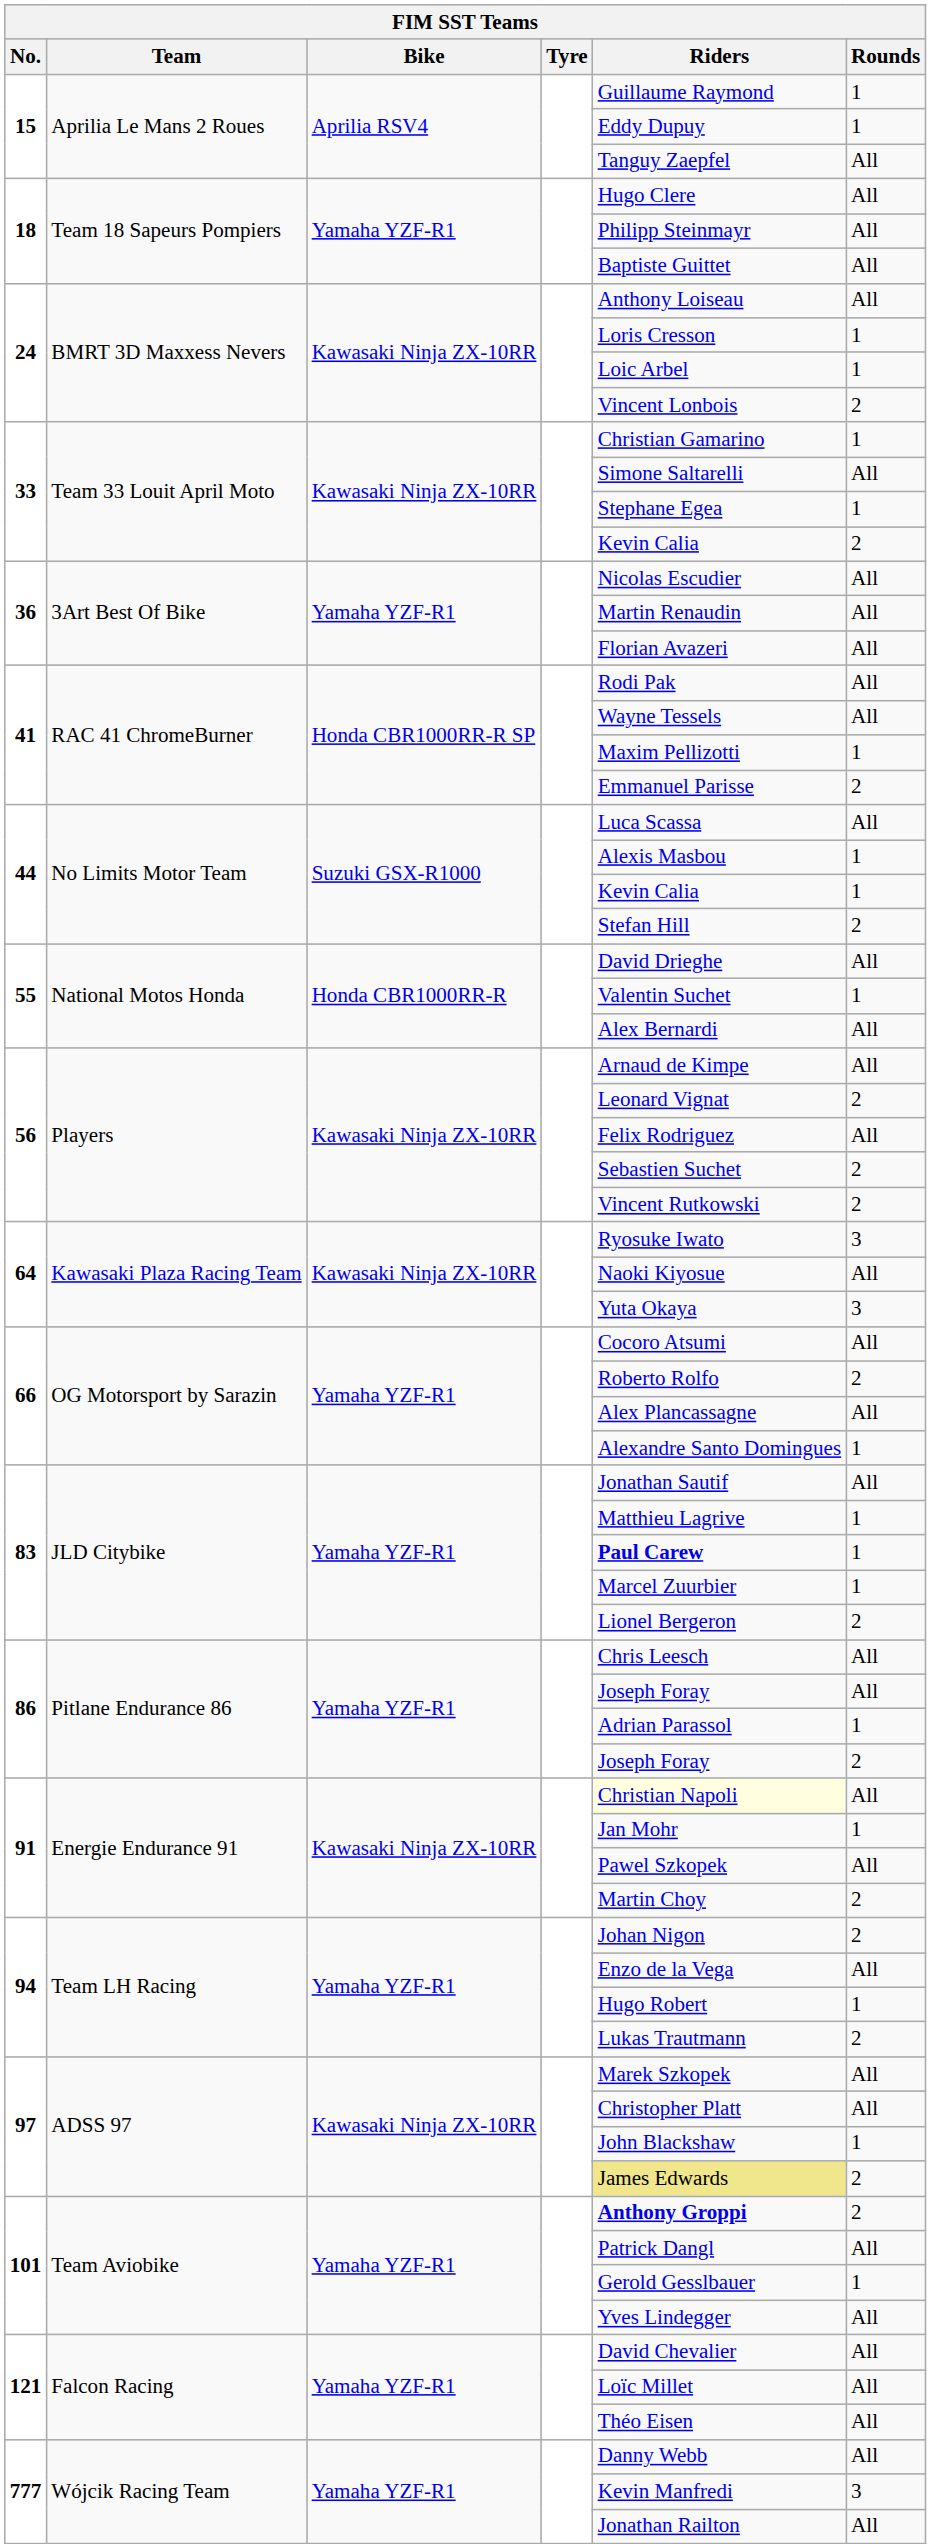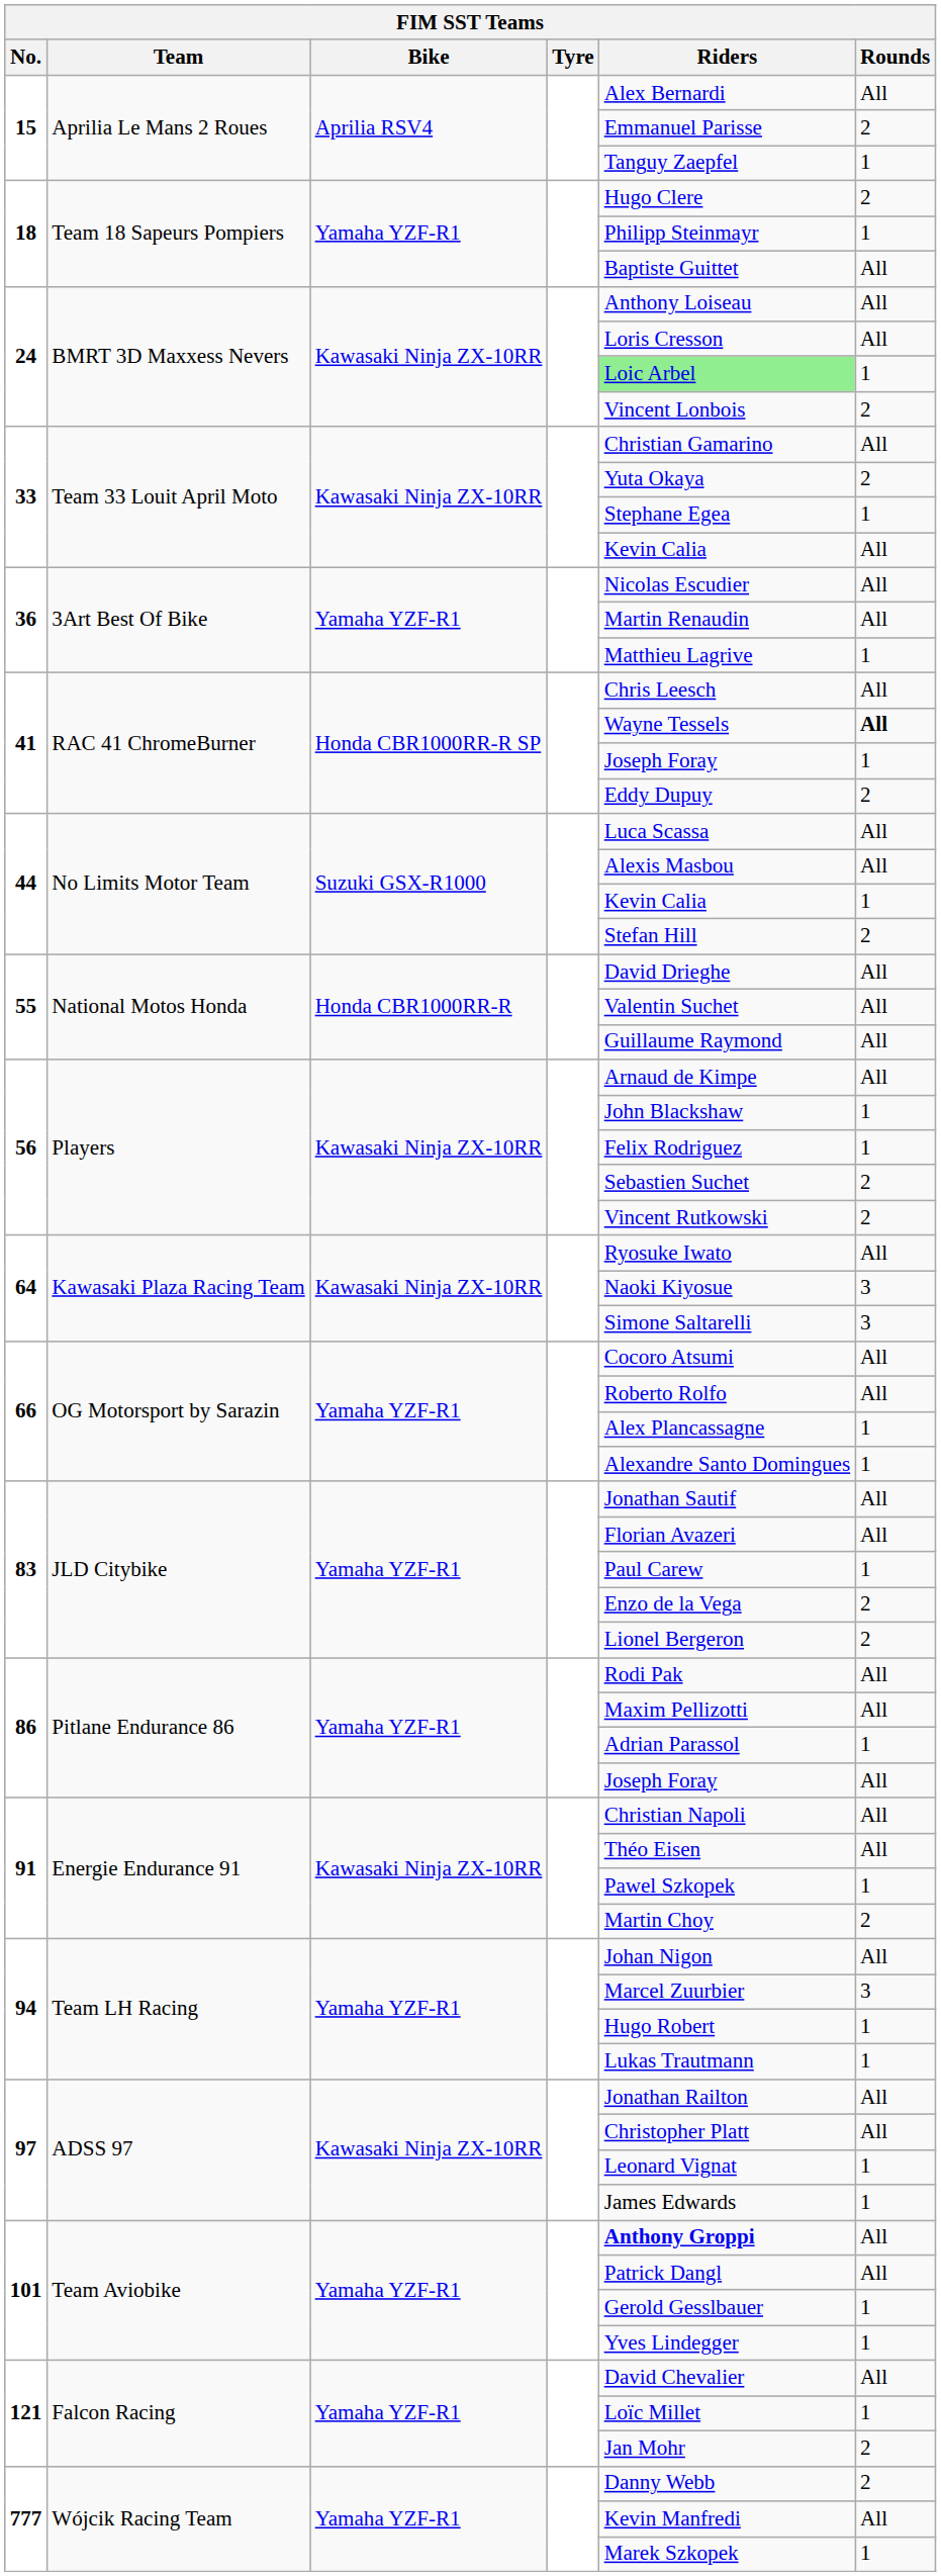 <table class="wikitable" style="font-size: 85%">
 <tr>
 <th colspan="6">FIM SST Teams</th>
 </tr>
 <tr>
 <th>No.</th>
 <th>Team</th>
 <th>Bike</th>
 <th>Tyre</th>
 <th>Riders</th>
 <th>Rounds</th>
 </tr>
 <tr>
 <td rowspan=3 style="background:white; text-align:center;"><strong>15</strong></td>
 <td rowspan=3> Aprilia Le Mans 2 Roues</td>
 <td rowspan=3><a href='#'>Aprilia RSV4</a></td>
 <td rowspan=3 style="background:white; text-align:center;"></td>
-<td> <a href='#'>Guillaume Raymond</a></td>
-<td>1</td>
+<td> <a href='#'>Alex Bernardi</a></td>
+<td>All</td>
 </tr>
 <tr>
-<td> <a href='#'>Eddy Dupuy</a></td>
-<td>1</td>
+<td> <a href='#'>Emmanuel Parisse</a></td>
+<td>2</td>
 </tr>
 <tr>
 <td> <a href='#'>Tanguy Zaepfel</a></td>
-<td>All</td>
+<td>1</td>
 </tr>
 <tr>
 <td rowspan=3 style="background:white; text-align:center;"><strong>18</strong></td>
 <td rowspan=3> Team 18 Sapeurs Pompiers</td>
 <td rowspan=3><a href='#'>Yamaha YZF-R1</a></td>
 <td rowspan=3 style="background:white; text-align:center;"></td>
 <td> <a href='#'>Hugo Clere</a></td>
-<td>All</td>
+<td>2</td>
 </tr>
 <tr>
 <td> <a href='#'>Philipp Steinmayr</a></td>
-<td>All</td>
+<td>1</td>
 </tr>
 <tr>
 <td> <a href='#'>Baptiste Guittet</a></td>
 <td>All</td>
 </tr>
 <tr>
 <td rowspan=4 style="background:white; text-align:center;"><strong>24</strong></td>
 <td rowspan=4> BMRT 3D Maxxess Nevers</td>
 <td rowspan=4><a href='#'>Kawasaki Ninja ZX-10RR</a></td>
 <td rowspan=4 style="background:white; text-align:center;"></td>
 <td> <a href='#'>Anthony Loiseau</a></td>
 <td>All</td>
 </tr>
 <tr>
 <td> <a href='#'>Loris Cresson</a></td>
-<td>1</td>
+<td>All</td>
 </tr>
 <tr>
-<td> <a href='#'>Loic Arbel</a></td>
+<td style="background: lightgreen;"> <a href='#'>Loic Arbel</a></td>
 <td>1</td>
 </tr>
 <tr>
 <td> <a href='#'>Vincent Lonbois</a></td>
 <td>2</td>
 </tr>
 <tr>
 <td rowspan=4 style="background:white; text-align:center;"><strong>33</strong></td>
 <td rowspan=4> Team 33 Louit April Moto</td>
 <td rowspan=4><a href='#'>Kawasaki Ninja ZX-10RR</a></td>
 <td rowspan=4 style="background:white; text-align:center;"></td>
 <td> <a href='#'>Christian Gamarino</a></td>
-<td>1</td>
+<td>All</td>
 </tr>
 <tr>
-<td> <a href='#'>Simone Saltarelli</a></td>
-<td>All</td>
+<td> <a href='#'>Yuta Okaya</a></td>
+<td>2</td>
 </tr>
 <tr>
 <td> <a href='#'>Stephane Egea</a></td>
 <td>1</td>
 </tr>
 <tr>
 <td> <a href='#'>Kevin Calia</a></td>
-<td>2</td>
+<td>All</td>
 </tr>
 <tr>
 <td rowspan=3 style="background:white; text-align:center;"><strong>36</strong></td>
 <td rowspan=3> 3Art Best Of Bike</td>
 <td rowspan=3><a href='#'>Yamaha YZF-R1</a></td>
 <td rowspan=3 style="background:white; text-align:center;"></td>
 <td> <a href='#'>Nicolas Escudier</a></td>
 <td>All</td>
 </tr>
 <tr>
 <td> <a href='#'>Martin Renaudin</a></td>
 <td>All</td>
 </tr>
 <tr>
-<td> <a href='#'>Florian Avazeri</a></td>
-<td>All</td>
+<td> <a href='#'>Matthieu Lagrive</a></td>
+<td>1</td>
 </tr>
 <tr>
 <td rowspan=4 style="background:white; text-align:center;"><strong>41</strong></td>
 <td rowspan=4> RAC 41 ChromeBurner</td>
 <td rowspan=4><a href='#'>Honda CBR1000RR-R SP</a></td>
 <td rowspan=4 style="background:white; text-align:center;"></td>
-<td> <a href='#'>Rodi Pak</a></td>
+<td> <a href='#'>Chris Leesch</a></td>
 <td>All</td>
 </tr>
 <tr>
 <td> <a href='#'>Wayne Tessels</a></td>
-<td>All</td>
+<td><strong>All</strong></td>
 </tr>
 <tr>
-<td> <a href='#'>Maxim Pellizotti</a></td>
+<td> <a href='#'>Joseph Foray</a></td>
 <td>1</td>
 </tr>
 <tr>
-<td> <a href='#'>Emmanuel Parisse</a></td>
+<td> <a href='#'>Eddy Dupuy</a></td>
 <td>2</td>
 </tr>
 <tr>
 <td rowspan=4 style="background:white; text-align:center;"><strong>44</strong></td>
 <td rowspan=4> No Limits Motor Team</td>
 <td rowspan=4><a href='#'>Suzuki GSX-R1000</a></td>
 <td rowspan=4 style="background:white; text-align:center;"></td>
 <td> <a href='#'>Luca Scassa</a></td>
 <td>All</td>
 </tr>
 <tr>
 <td> <a href='#'>Alexis Masbou</a></td>
-<td>1</td>
+<td>All</td>
 </tr>
 <tr>
 <td> <a href='#'>Kevin Calia</a></td>
 <td>1</td>
 </tr>
 <tr>
 <td> <a href='#'>Stefan Hill</a></td>
 <td>2</td>
 </tr>
 <tr>
 <td rowspan=3 style="background:white; text-align:center;"><strong>55</strong></td>
 <td rowspan=3> National Motos Honda</td>
 <td rowspan=3><a href='#'>Honda CBR1000RR-R</a></td>
 <td rowspan=3 style="background:white; text-align:center;"></td>
 <td> <a href='#'>David Drieghe</a></td>
 <td>All</td>
 </tr>
 <tr>
 <td> <a href='#'>Valentin Suchet</a></td>
-<td>1</td>
+<td>All</td>
 </tr>
 <tr>
-<td> <a href='#'>Alex Bernardi</a></td>
+<td> <a href='#'>Guillaume Raymond</a></td>
 <td>All</td>
 </tr>
 <tr>
 <td rowspan=5 style="background:white; text-align:center;"><strong>56</strong></td>
 <td rowspan=5> Players</td>
 <td rowspan=5><a href='#'>Kawasaki Ninja ZX-10RR</a></td>
 <td rowspan=5 style="background:white; text-align:center;"></td>
 <td> <a href='#'>Arnaud de Kimpe</a></td>
 <td>All</td>
 </tr>
 <tr>
-<td> <a href='#'>Leonard Vignat</a></td>
-<td>2</td>
+<td> <a href='#'>John Blackshaw</a></td>
+<td>1</td>
 </tr>
 <tr>
 <td> <a href='#'>Felix Rodriguez</a></td>
-<td>All</td>
+<td>1</td>
 </tr>
 <tr>
 <td> <a href='#'>Sebastien Suchet</a></td>
 <td>2</td>
 </tr>
 <tr>
 <td> <a href='#'>Vincent Rutkowski</a></td>
 <td>2</td>
 </tr>
 <tr>
 <td rowspan=3 style="background:white; text-align:center;"><strong>64</strong></td>
 <td rowspan=3> <a href='#'>Kawasaki Plaza Racing Team</a></td>
 <td rowspan=3><a href='#'>Kawasaki Ninja ZX-10RR</a></td>
 <td rowspan=3 style="background:white; text-align:center;"></td>
 <td> <a href='#'>Ryosuke Iwato</a></td>
+<td>All</td>
+</tr>
+<tr>
+<td> <a href='#'>Naoki Kiyosue</a></td>
 <td>3</td>
 </tr>
 <tr>
-<td> <a href='#'>Naoki Kiyosue</a></td>
-<td>All</td>
-</tr>
-<tr>
-<td> <a href='#'>Yuta Okaya</a></td>
+<td> <a href='#'>Simone Saltarelli</a></td>
 <td>3</td>
 </tr>
 <tr>
 <td rowspan=4 style="background:white; text-align:center;"><strong>66</strong></td>
 <td rowspan=4> OG Motorsport by Sarazin</td>
 <td rowspan=4><a href='#'>Yamaha YZF-R1</a></td>
 <td rowspan=4 style="background:white; text-align:center;"></td>
 <td> <a href='#'>Cocoro Atsumi</a></td>
 <td>All</td>
 </tr>
 <tr>
 <td> <a href='#'>Roberto Rolfo</a></td>
-<td>2</td>
+<td>All</td>
 </tr>
 <tr>
 <td> <a href='#'>Alex Plancassagne</a></td>
-<td>All</td>
+<td>1</td>
 </tr>
 <tr>
 <td> <a href='#'>Alexandre Santo Domingues</a></td>
 <td>1</td>
 </tr>
 <tr>
 <td rowspan=5 style="background:white; text-align:center;"><strong>83</strong></td>
 <td rowspan=5> JLD Citybike</td>
 <td rowspan=5><a href='#'>Yamaha YZF-R1</a></td>
 <td rowspan=5 style="background:white; text-align:center;"></td>
 <td> <a href='#'>Jonathan Sautif</a></td>
 <td>All</td>
 </tr>
 <tr>
-<td> <a href='#'>Matthieu Lagrive</a></td>
+<td> <a href='#'>Florian Avazeri</a></td>
+<td>All</td>
+</tr>
+<tr>
+<td> <a href='#'>Paul Carew</a></td>
 <td>1</td>
 </tr>
 <tr>
-<td><strong> <a href='#'>Paul Carew</a></strong></td>
-<td>1</td>
-</tr>
-<tr>
-<td> <a href='#'>Marcel Zuurbier</a></td>
-<td>1</td>
+<td> <a href='#'>Enzo de la Vega</a></td>
+<td>2</td>
 </tr>
 <tr>
 <td> <a href='#'>Lionel Bergeron</a></td>
 <td>2</td>
 </tr>
 <tr>
 <td rowspan=4 style="background:white; text-align:center;"><strong>86</strong></td>
 <td rowspan=4> Pitlane Endurance 86</td>
 <td rowspan=4><a href='#'>Yamaha YZF-R1</a></td>
 <td rowspan=4 style="background:white; text-align:center;"></td>
-<td> <a href='#'>Chris Leesch</a></td>
+<td> <a href='#'>Rodi Pak</a></td>
 <td>All</td>
 </tr>
 <tr>
-<td> <a href='#'>Joseph Foray</a></td>
+<td> <a href='#'>Maxim Pellizotti</a></td>
 <td>All</td>
 </tr>
 <tr>
 <td> <a href='#'>Adrian Parassol</a></td>
 <td>1</td>
 </tr>
 <tr>
 <td> <a href='#'>Joseph Foray</a></td>
-<td>2</td>
+<td>All</td>
 </tr>
 <tr>
 <td rowspan=4 style="background:white; text-align:center;"><strong>91</strong></td>
 <td rowspan=4> Energie Endurance 91</td>
 <td rowspan=4><a href='#'>Kawasaki Ninja ZX-10RR</a></td>
 <td rowspan=4 style="background:white; text-align:center;"></td>
-<td style="background: lightyellow;"> <a href='#'>Christian Napoli</a></td>
+<td> <a href='#'>Christian Napoli</a></td>
 <td>All</td>
 </tr>
 <tr>
-<td> <a href='#'>Jan Mohr</a></td>
-<td>1</td>
+<td> <a href='#'>Théo Eisen</a></td>
+<td>All</td>
 </tr>
 <tr>
 <td> <a href='#'>Pawel Szkopek</a></td>
-<td>All</td>
+<td>1</td>
 </tr>
 <tr>
 <td> <a href='#'>Martin Choy</a></td>
 <td>2</td>
 </tr>
 <tr>
 <td rowspan=4 style="background:white; text-align:center;"><strong>94</strong></td>
 <td rowspan=4> Team LH Racing</td>
 <td rowspan=4><a href='#'>Yamaha YZF-R1</a></td>
 <td rowspan=4 style="background:white; text-align:center;"></td>
 <td> <a href='#'>Johan Nigon</a></td>
-<td>2</td>
+<td>All</td>
 </tr>
 <tr>
-<td> <a href='#'>Enzo de la Vega</a></td>
-<td>All</td>
+<td> <a href='#'>Marcel Zuurbier</a></td>
+<td>3</td>
 </tr>
 <tr>
 <td> <a href='#'>Hugo Robert</a></td>
 <td>1</td>
 </tr>
 <tr>
 <td> <a href='#'>Lukas Trautmann</a></td>
-<td>2</td>
+<td>1</td>
 </tr>
 <tr>
 <td rowspan=4 style="background:white; text-align:center;"><strong>97</strong></td>
 <td rowspan=4> ADSS 97</td>
 <td rowspan=4><a href='#'>Kawasaki Ninja ZX-10RR</a></td>
 <td rowspan=4 style="background:white; text-align:center;"></td>
-<td> <a href='#'>Marek Szkopek</a></td>
+<td> <a href='#'>Jonathan Railton</a></td>
 <td>All</td>
 </tr>
 <tr>
 <td> <a href='#'>Christopher Platt</a></td>
 <td>All</td>
 </tr>
 <tr>
-<td> <a href='#'>John Blackshaw</a></td>
+<td> <a href='#'>Leonard Vignat</a></td>
 <td>1</td>
 </tr>
 <tr>
-<td style="background: khaki;"> James Edwards</td>
-<td>2</td>
+<td> James Edwards</td>
+<td>1</td>
 </tr>
 <tr>
 <td rowspan=4 style="background:white; text-align:center;"><strong>101</strong></td>
 <td rowspan=4> Team Aviobike</td>
 <td rowspan=4><a href='#'>Yamaha YZF-R1</a></td>
 <td rowspan=4 style="background:white; text-align:center;"></td>
 <td><strong> <a href='#'>Anthony Groppi</a></strong></td>
-<td>2</td>
+<td>All</td>
 </tr>
 <tr>
 <td> <a href='#'>Patrick Dangl</a></td>
 <td>All</td>
 </tr>
 <tr>
 <td> <a href='#'>Gerold Gesslbauer</a></td>
 <td>1</td>
 </tr>
 <tr>
 <td> <a href='#'>Yves Lindegger</a></td>
-<td>All</td>
+<td>1</td>
 </tr>
 <tr>
 <td rowspan=3 style="background:white; text-align:center;"><strong>121</strong></td>
 <td rowspan=3> Falcon Racing</td>
 <td rowspan=3><a href='#'>Yamaha YZF-R1</a></td>
 <td rowspan=3 style="background:white; text-align:center;"></td>
 <td> <a href='#'>David Chevalier</a></td>
 <td>All</td>
 </tr>
 <tr>
 <td> <a href='#'>Loïc Millet</a></td>
-<td>All</td>
+<td>1</td>
 </tr>
 <tr>
-<td> <a href='#'>Théo Eisen</a></td>
-<td>All</td>
+<td> <a href='#'>Jan Mohr</a></td>
+<td>2</td>
 </tr>
 <tr>
 <td rowspan=3 style="background:white; text-align:center;"><strong>777</strong></td>
 <td rowspan=3> Wójcik Racing Team</td>
 <td rowspan=3><a href='#'>Yamaha YZF-R1</a></td>
 <td rowspan=3 style="background:white; text-align:center;"></td>
 <td> <a href='#'>Danny Webb</a></td>
+<td>2</td>
+</tr>
+<tr>
+<td> <a href='#'>Kevin Manfredi</a></td>
 <td>All</td>
 </tr>
 <tr>
-<td> <a href='#'>Kevin Manfredi</a></td>
-<td>3</td>
-</tr>
-<tr>
-<td> <a href='#'>Jonathan Railton</a></td>
-<td>All</td>
+<td> <a href='#'>Marek Szkopek</a></td>
+<td>1</td>
 </tr>
 <tr>
 </tr>
 </table>
